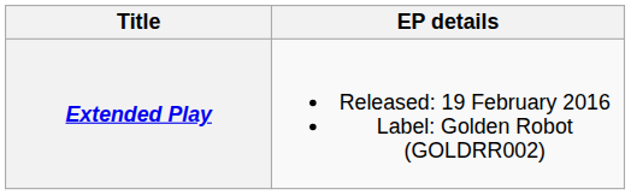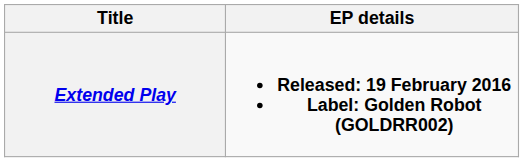 <table class="wikitable plainrowheaders" style="text-align:center;" border="1">
 <tr>
 <th scope="col" style="width:12em;">Title</th>
 <th scope="col" style="width:16em;">EP details</th>
 </tr>
 <tr>
 <th scope="row"><em><a href='#'>Extended Play</a></em></th>
-<td><br><ul><li>Released: 19 February 2016</li><li>Label: Golden Robot (GOLDRR002)</li></ul></td>
+<td><strong><br><ul><li>Released: 19 February 2016</li><li>Label: Golden Robot (GOLDRR002)</li></ul></strong></td>
 </tr>
 </table>
